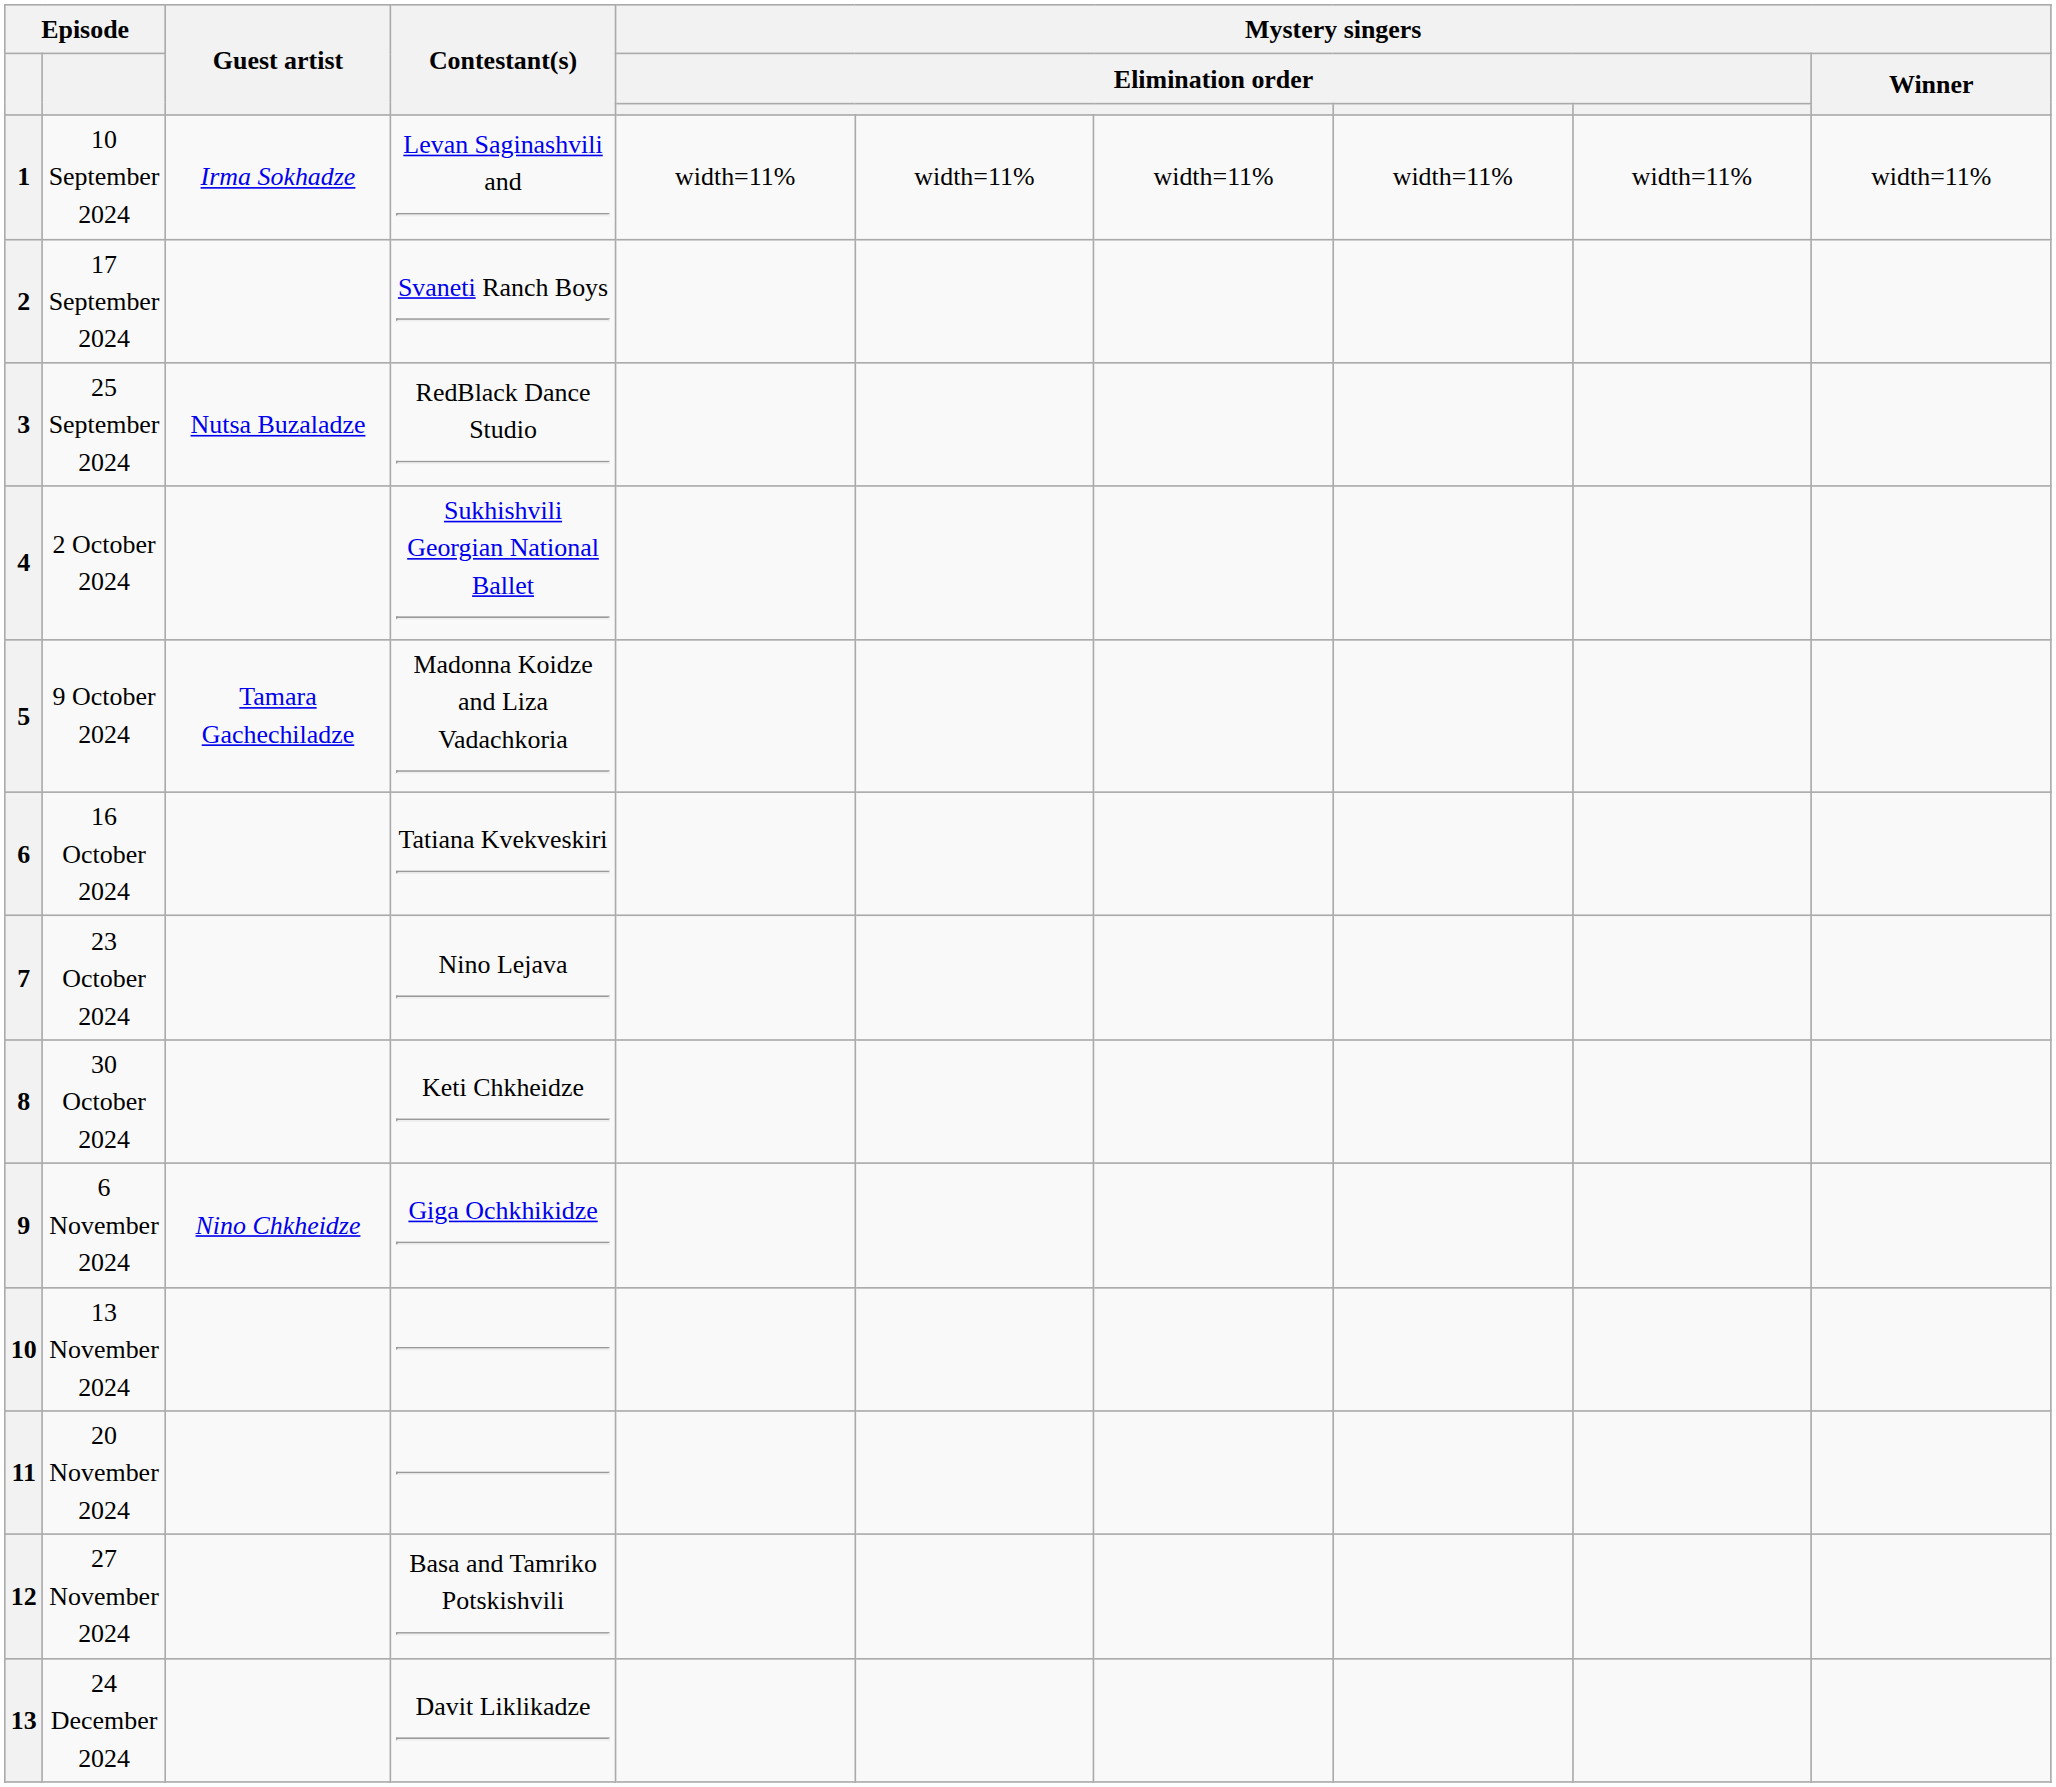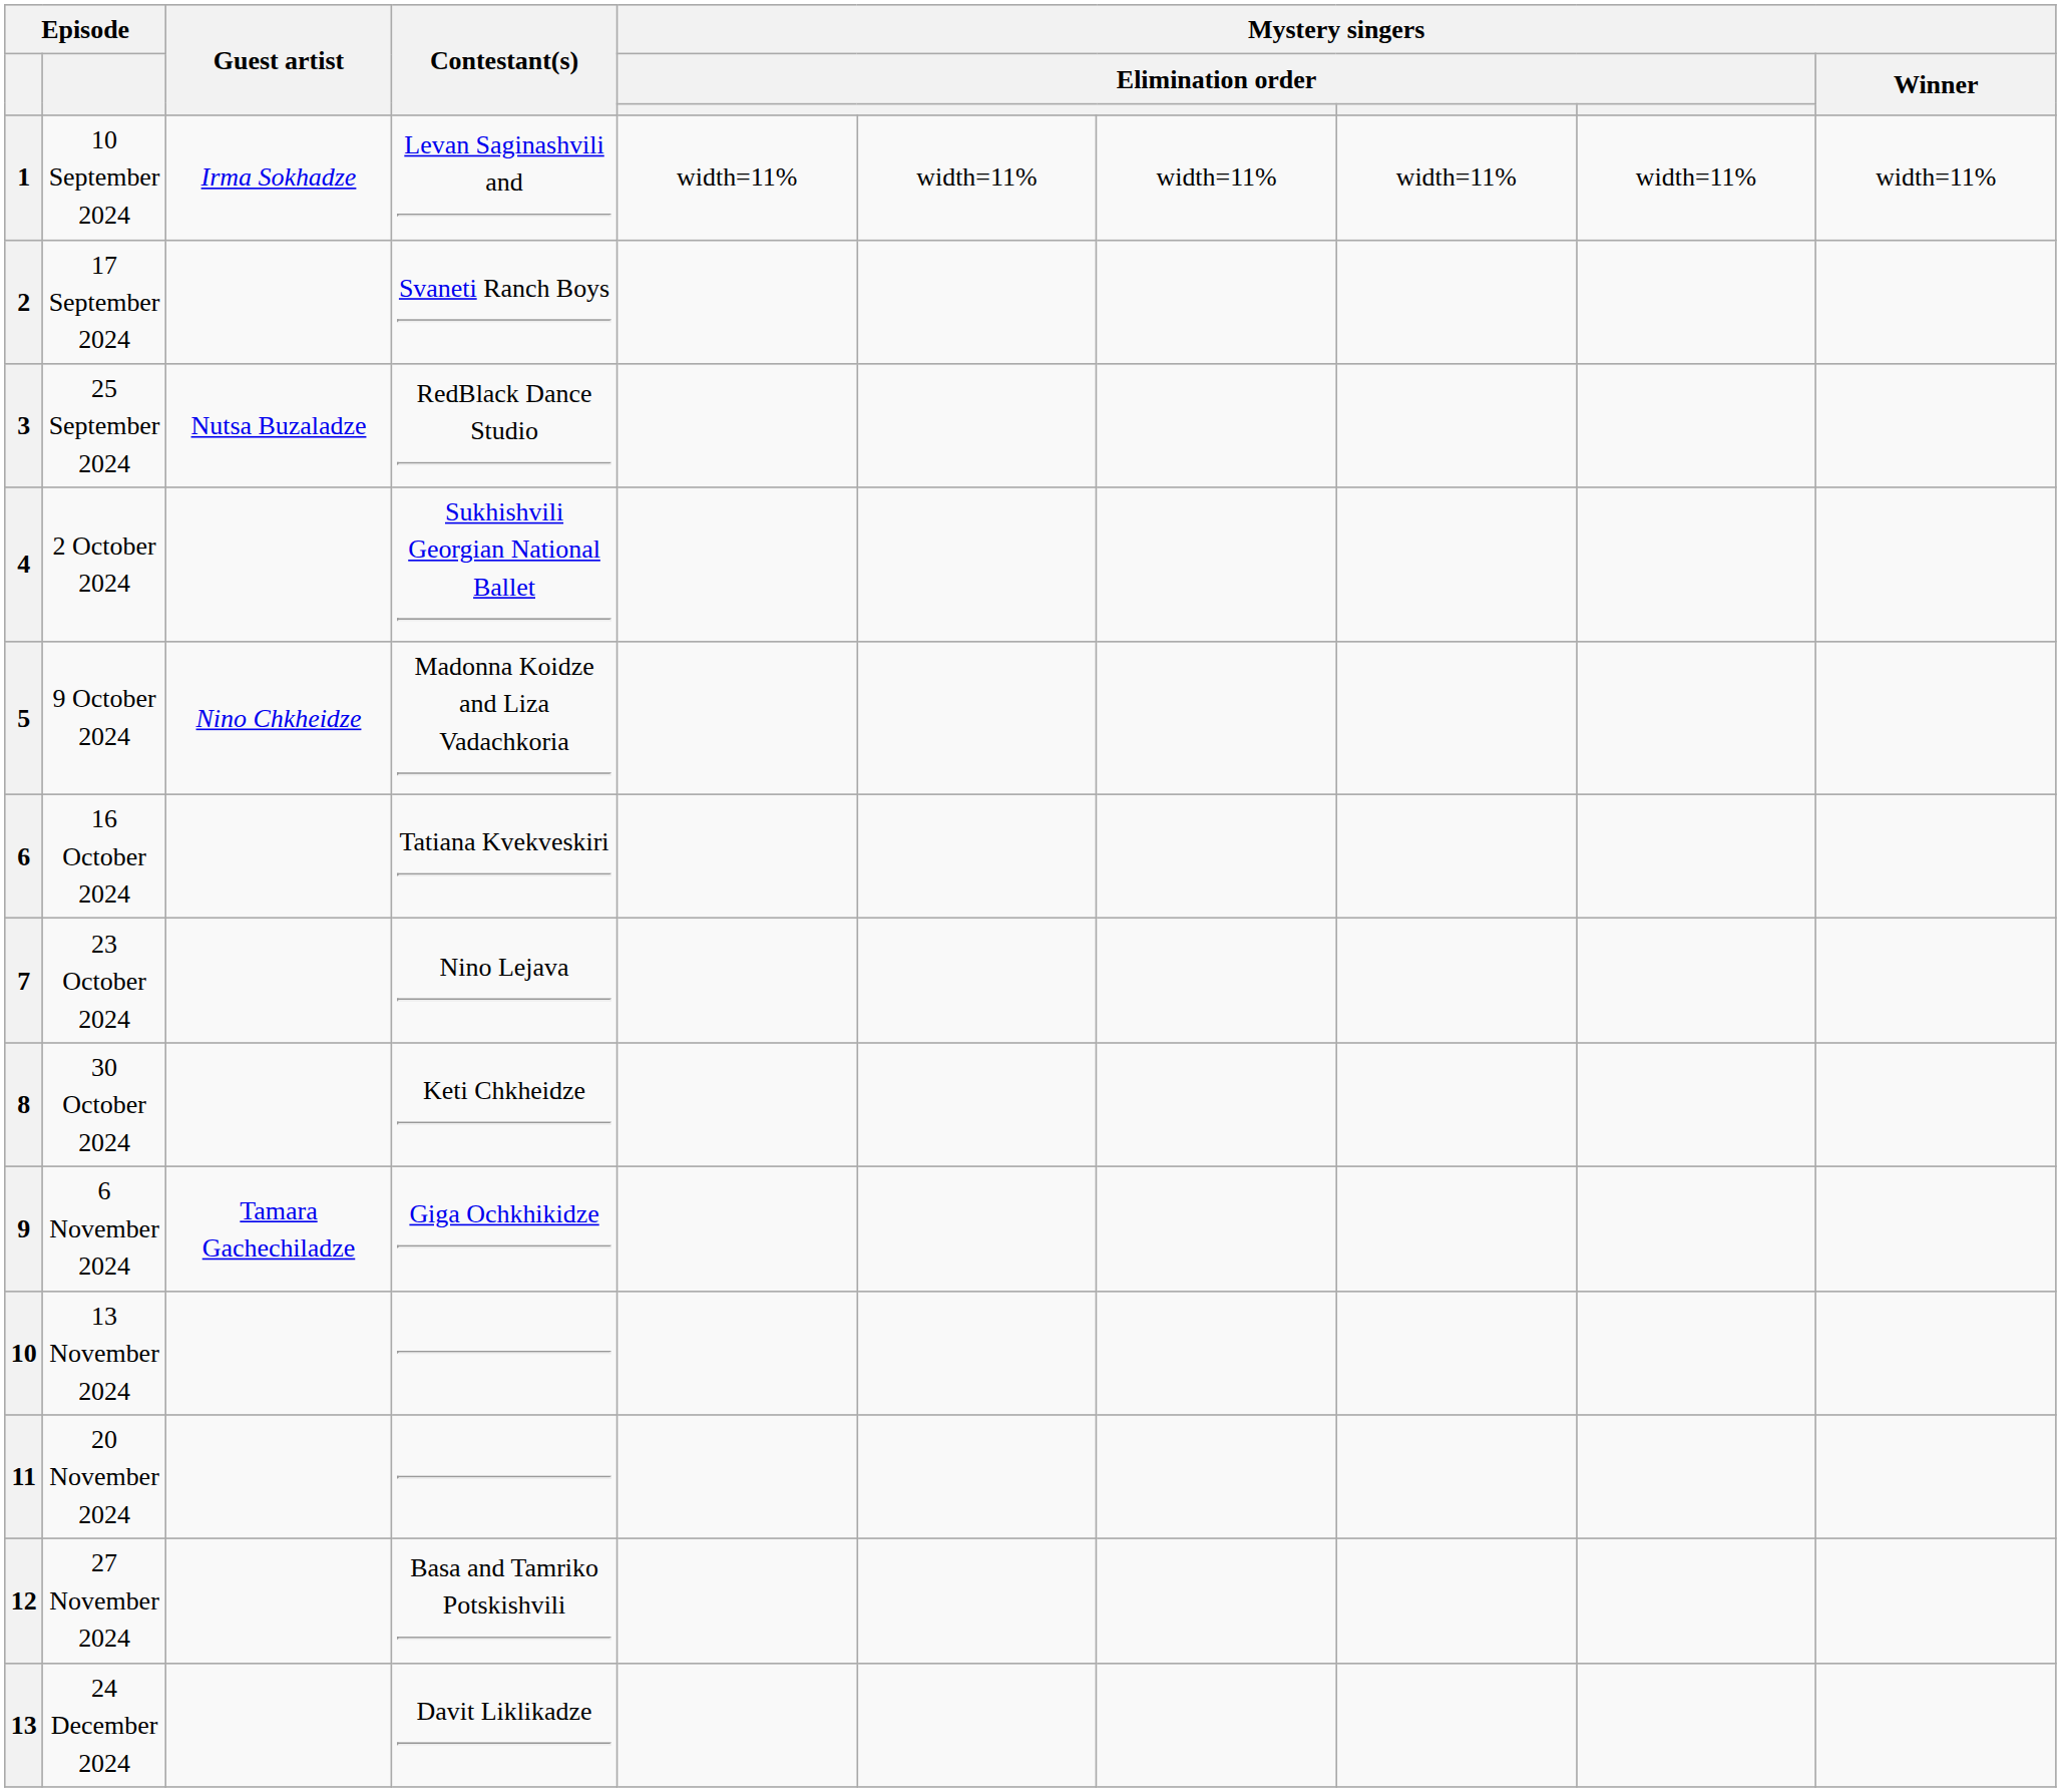 <table class="wikitable plainrowheaders mw-collapsible" style="text-align:center; line-height:23px; width:100%;">
 <tr>
 <th colspan="2" width="1%">Episode</th>
 <th rowspan="3" width="11%">Guest artist</th>
 <th rowspan="3" width="11%">Contestant(s)</th>
 <th colspan="6">Mystery singers<br></th>
 </tr>
 <tr>
 <th rowspan="2"></th>
 <th rowspan="2"></th>
 <th colspan="5">Elimination order</th>
 <th rowspan="2">Winner</th>
 </tr>
 <tr>
 <th colspan="3"></th>
 <th></th>
 <th></th>
 </tr>
 <tr>
 <th>1</th>
 <td>10 September 2024</td>
 <td><em><a href='#'>Irma Sokhadze</a></em></td>
 <td><a href='#'>Levan Saginashvili</a> and <hr></td>
 <td>width=11% </td>
 <td>width=11% </td>
 <td>width=11% </td>
 <td>width=11% </td>
 <td>width=11% </td>
 <td>width=11% </td>
 </tr>
 <tr>
 <th>2</th>
 <td>17 September 2024</td>
 <td><em></em></td>
 <td><a href='#'>Svaneti</a> Ranch Boys<br><hr></td>
 <td></td>
 <td></td>
 <td></td>
 <td></td>
 <td></td>
 <td></td>
 </tr>
 <tr>
 <th>3</th>
 <td>25 September 2024</td>
 <td><a href='#'>Nutsa Buzaladze</a></td>
 <td>RedBlack Dance Studio<br><hr></td>
 <td></td>
 <td></td>
 <td></td>
 <td></td>
 <td></td>
 <td></td>
 </tr>
 <tr>
 <th>4</th>
 <td>2 October 2024</td>
 <td><em></em></td>
 <td><a href='#'>Sukhishvili Georgian National Ballet</a><br><hr></td>
 <td></td>
 <td></td>
 <td></td>
 <td></td>
 <td></td>
 <td></td>
 </tr>
 <tr>
 <th>5</th>
 <td>9 October 2024</td>
-<td><a href='#'>Tamara Gachechiladze</a></td>
+<td><em><a href='#'>Nino Chkheidze</a></em></td>
 <td>Madonna Koidze and Liza Vadachkoria<hr></td>
 <td></td>
 <td></td>
 <td></td>
 <td></td>
 <td></td>
 <td></td>
 </tr>
 <tr>
 <th>6</th>
 <td>16 October 2024</td>
 <td></td>
 <td>Tatiana Kvekveskiri<hr></td>
 <td></td>
 <td></td>
 <td></td>
 <td></td>
 <td></td>
 <td></td>
 </tr>
 <tr>
 <th>7</th>
 <td>23 October 2024</td>
 <td></td>
 <td>Nino Lejava<hr></td>
 <td></td>
 <td></td>
 <td></td>
 <td></td>
 <td></td>
 <td></td>
 </tr>
 <tr>
 <th>8</th>
 <td>30 October 2024</td>
 <td></td>
 <td>Keti Chkheidze<hr></td>
 <td></td>
 <td></td>
 <td></td>
 <td></td>
 <td></td>
 <td></td>
 </tr>
 <tr>
 <th>9</th>
 <td>6 November 2024</td>
-<td><em><a href='#'>Nino Chkheidze</a></em></td>
+<td><a href='#'>Tamara Gachechiladze</a></td>
 <td><a href='#'>Giga Ochkhikidze</a><hr></td>
 <td></td>
 <td></td>
 <td></td>
 <td></td>
 <td></td>
 <td></td>
 </tr>
 <tr>
 <th>10</th>
 <td>13 November 2024</td>
 <td><em></em></td>
 <td><hr></td>
 <td></td>
 <td></td>
 <td></td>
 <td></td>
 <td></td>
 <td></td>
 </tr>
 <tr>
 <th>11</th>
 <td>20 November 2024</td>
 <td><em></em></td>
 <td><hr></td>
 <td></td>
 <td></td>
 <td></td>
 <td></td>
 <td></td>
 <td></td>
 </tr>
 <tr>
 <th>12</th>
 <td>27 November 2024</td>
 <td><em></em></td>
 <td>Basa and Tamriko Potskishvili<hr></td>
 <td></td>
 <td></td>
 <td></td>
 <td></td>
 <td></td>
 <td></td>
 </tr>
 <tr>
 <th>13</th>
 <td>24 December 2024</td>
 <td></td>
 <td>Davit Liklikadze<hr></td>
 <td></td>
 <td></td>
 <td></td>
 <td></td>
 <td></td>
 <td></td>
 </tr>
 </table>
